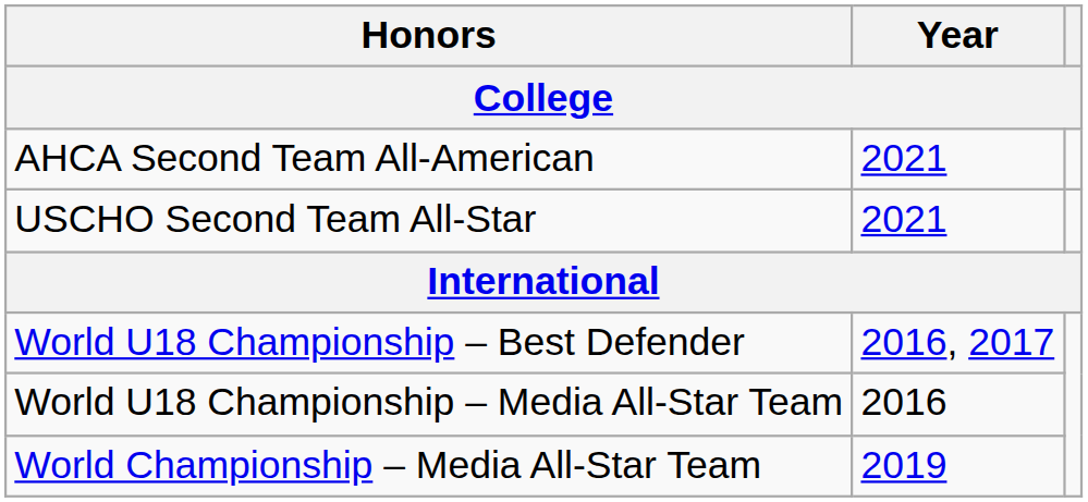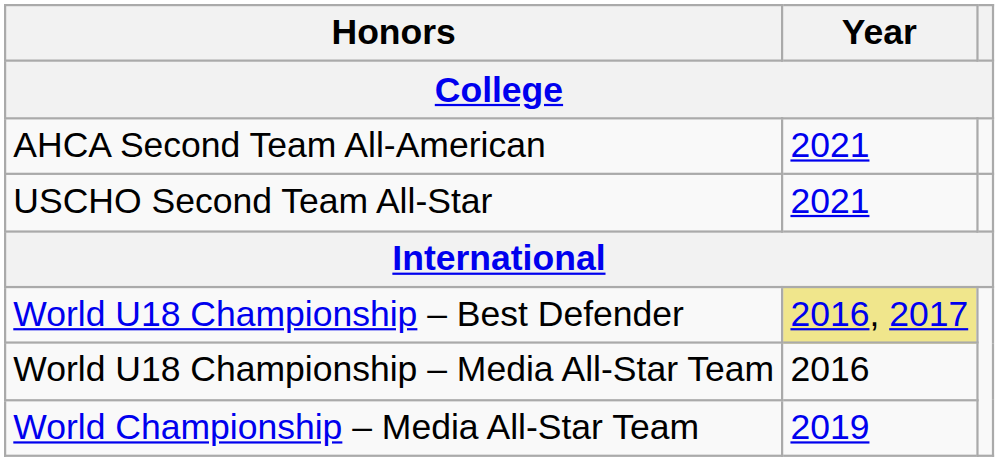 <table class="wikitable">
 <tr>
 <th>Honors</th>
 <th>Year</th>
 <th></th>
 </tr>
 <tr>
 <th colspan="3"><a href='#'>College</a></th>
 </tr>
 <tr>
 <td>AHCA Second Team All-American</td>
 <td><a href='#'>2021</a></td>
 <td></td>
 </tr>
 <tr>
 <td>USCHO Second Team All-Star</td>
 <td><a href='#'>2021</a></td>
 <td></td>
 </tr>
 <tr>
 <th colspan="3"><a href='#'>International</a></th>
 </tr>
 <tr>
 <td><a href='#'>World U18 Championship</a> – Best Defender</td>
-<td><a href='#'>2016</a>, <a href='#'>2017</a></td>
+<td style="background: khaki;"><a href='#'>2016</a>, <a href='#'>2017</a></td>
 <td rowspan="3"></td>
 </tr>
 <tr>
 <td>World U18 Championship – Media All-Star Team</td>
 <td>2016</td>
 </tr>
 <tr>
 <td><a href='#'>World Championship</a> – Media All-Star Team</td>
 <td><a href='#'>2019</a></td>
 </tr>
 </table>
